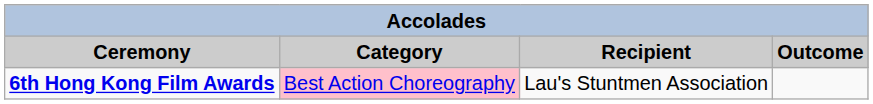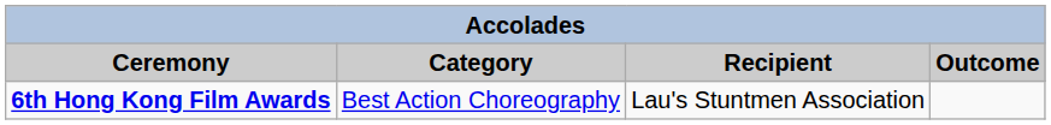 <table class="wikitable" style="font-size:95%">
 <tr style="background:#ccc; text-align:center;">
 <th colspan="4" style="background: LightSteelBlue;">Accolades</th>
 </tr>
 <tr style="background:#ccc; text-align:center;">
 <th style="background:#ccc">Ceremony</th>
 <th style="background:#ccc">Category</th>
 <th style="background:#ccc">Recipient</th>
 <th style="background:#ccc">Outcome</th>
 </tr>
 <tr>
 <td><strong><a href='#'>6th Hong Kong Film Awards</a></strong></td>
-<td style="background: pink;"><a href='#'>Best Action Choreography</a></td>
+<td><a href='#'>Best Action Choreography</a></td>
 <td>Lau's Stuntmen Association</td>
 <td></td>
 </tr>
 </table>
